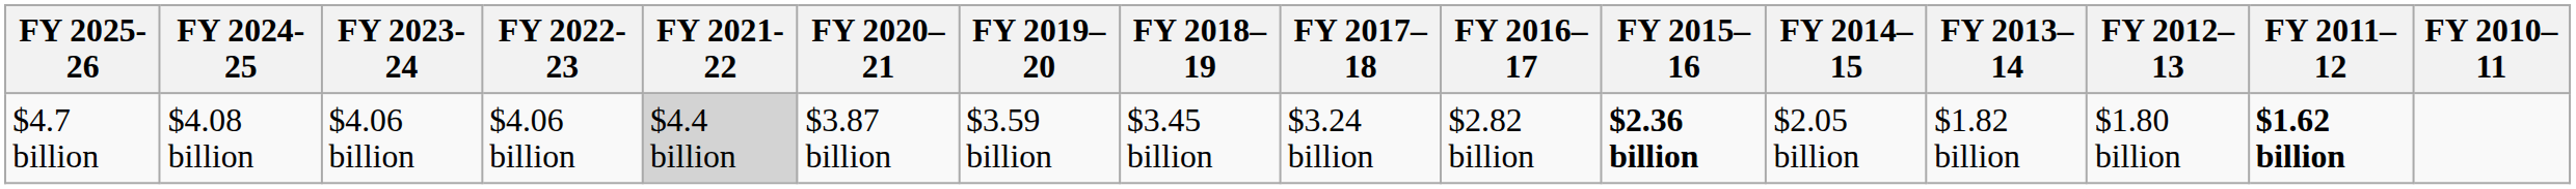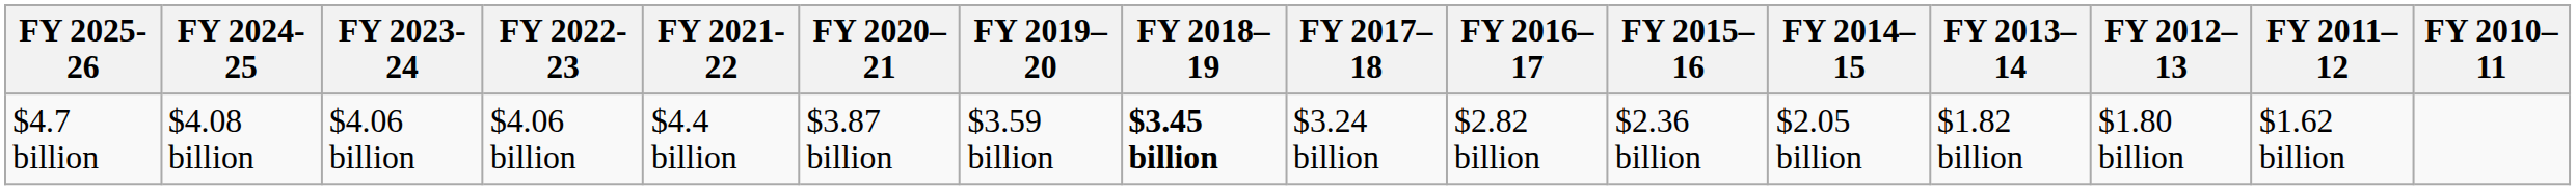 <table class="wikitable">
 <tr>
 <th>FY 2025-26</th>
 <th>FY 2024-25</th>
 <th>FY 2023-24</th>
 <th>FY 2022-23</th>
 <th>FY 2021-22</th>
 <th>FY 2020–21</th>
 <th>FY 2019–20</th>
 <th>FY 2018–19</th>
 <th>FY 2017–18</th>
 <th>FY 2016–17</th>
 <th>FY 2015–16</th>
 <th>FY 2014–15</th>
 <th>FY 2013–14</th>
 <th>FY 2012–13</th>
 <th>FY 2011–12</th>
 <th>FY 2010–11</th>
 </tr>
 <tr>
 <td>$4.7 billion</td>
 <td>$4.08 billion</td>
 <td>$4.06 billion</td>
 <td>$4.06 billion</td>
-<td style="background: lightgrey;">$4.4 billion</td>
+<td>$4.4 billion</td>
 <td>$3.87 billion</td>
 <td>$3.59 billion</td>
-<td>$3.45 billion</td>
+<td><strong>$3.45 billion</strong></td>
 <td>$3.24 billion</td>
 <td>$2.82 billion</td>
-<td><strong>$2.36 billion</strong></td>
+<td>$2.36 billion</td>
 <td>$2.05 billion</td>
 <td>$1.82 billion</td>
 <td>$1.80 billion</td>
-<td><strong>$1.62 billion</strong></td>
+<td>$1.62 billion</td>
 </tr>
 </table>
